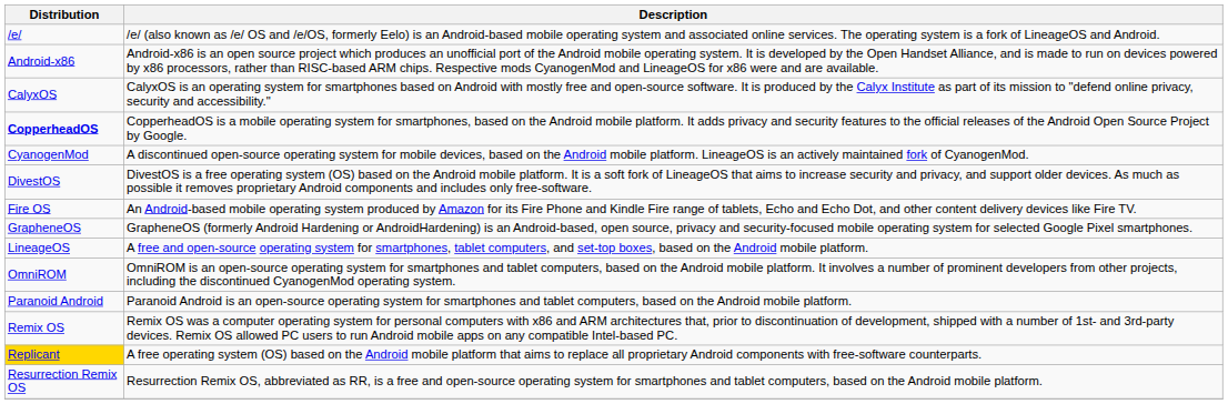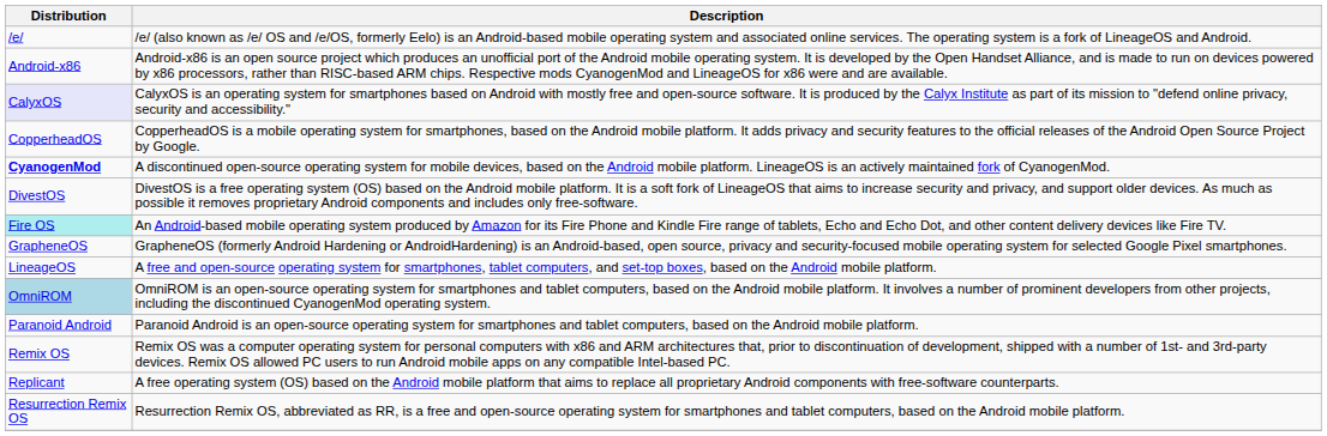 <table class="wikitable">
 <tr>
 <th>Distribution</th>
 <th>Description</th>
 </tr>
 <tr>
 <td><a href='#'>/e/</a></td>
 <td>/e/ (also known as /e/ OS and /e/OS, formerly Eelo) is an Android-based mobile operating system and associated online services. The operating system is a fork of LineageOS and Android.</td>
 </tr>
 <tr>
 <td><a href='#'>Android-x86</a></td>
 <td>Android-x86 is an open source project which produces an unofficial port of the Android mobile operating system. It is developed by the Open Handset Alliance, and is made to run on devices powered by x86 processors, rather than RISC-based ARM chips. Respective mods CyanogenMod and LineageOS for x86 were and are available.</td>
 </tr>
 <tr>
-<td><a href='#'>CalyxOS</a></td>
+<td style="background: lavender;"><a href='#'>CalyxOS</a></td>
 <td>CalyxOS is an operating system for smartphones based on Android with mostly free and open-source software. It is produced by the <a href='#'>Calyx Institute</a> as part of its mission to "defend online privacy, security and accessibility."</td>
 </tr>
 <tr>
-<td><strong><a href='#'>CopperheadOS</a></strong></td>
+<td><a href='#'>CopperheadOS</a></td>
 <td>CopperheadOS is a mobile operating system for smartphones, based on the Android mobile platform. It adds privacy and security features to the official releases of the Android Open Source Project by Google.</td>
 </tr>
 <tr>
-<td><a href='#'>CyanogenMod</a></td>
+<td><strong><a href='#'>CyanogenMod</a></strong></td>
 <td>A discontinued open-source operating system for mobile devices, based on the <a href='#'>Android</a> mobile platform. LineageOS is an actively maintained <a href='#'>fork</a> of CyanogenMod.</td>
 </tr>
 <tr>
 <td><a href='#'>DivestOS</a></td>
 <td>DivestOS is a free operating system (OS) based on the Android mobile platform. It is a soft fork of LineageOS that aims to increase security and privacy, and support older devices. As much as possible it removes proprietary Android components and includes only free-software.</td>
 </tr>
 <tr>
-<td><a href='#'>Fire OS</a></td>
+<td style="background: paleturquoise;"><a href='#'>Fire OS</a></td>
 <td>An <a href='#'>Android</a>-based mobile operating system produced by <a href='#'>Amazon</a> for its Fire Phone and Kindle Fire range of tablets, Echo and Echo Dot, and other content delivery devices like Fire TV.</td>
 </tr>
 <tr>
 <td><a href='#'>GrapheneOS</a></td>
 <td>GrapheneOS (formerly Android Hardening or AndroidHardening) is an Android-based, open source, privacy and security-focused mobile operating system for selected Google Pixel smartphones.</td>
 </tr>
 <tr>
 <td><a href='#'>LineageOS</a></td>
 <td>A <a href='#'>free and open-source</a> <a href='#'>operating system</a> for <a href='#'>smartphones</a>, <a href='#'>tablet computers</a>, and <a href='#'>set-top boxes</a>, based on the <a href='#'>Android</a> mobile platform.</td>
 </tr>
 <tr>
-<td><a href='#'>OmniROM</a></td>
+<td style="background: lightblue;"><a href='#'>OmniROM</a></td>
 <td>OmniROM is an open-source operating system for smartphones and tablet computers, based on the Android mobile platform. It involves a number of prominent developers from other projects, including the discontinued CyanogenMod operating system.</td>
 </tr>
 <tr>
 <td><a href='#'>Paranoid Android</a></td>
 <td>Paranoid Android is an open-source operating system for smartphones and tablet computers, based on the Android mobile platform.</td>
 </tr>
 <tr>
 <td><a href='#'>Remix OS</a></td>
 <td>Remix OS was a computer operating system for personal computers with x86 and ARM architectures that, prior to discontinuation of development, shipped with a number of 1st- and 3rd-party devices. Remix OS allowed PC users to run Android mobile apps on any compatible Intel-based PC.</td>
 </tr>
 <tr>
-<td style="background: gold;"><a href='#'>Replicant</a></td>
+<td><a href='#'>Replicant</a></td>
 <td>A free operating system (OS) based on the <a href='#'>Android</a> mobile platform that aims to replace all proprietary Android components with free-software counterparts.</td>
 </tr>
 <tr>
 <td><a href='#'>Resurrection Remix OS</a></td>
 <td>Resurrection Remix OS, abbreviated as RR, is a free and open-source operating system for smartphones and tablet computers, based on the Android mobile platform.</td>
 </tr>
 <tr>
 </tr>
 </table>
